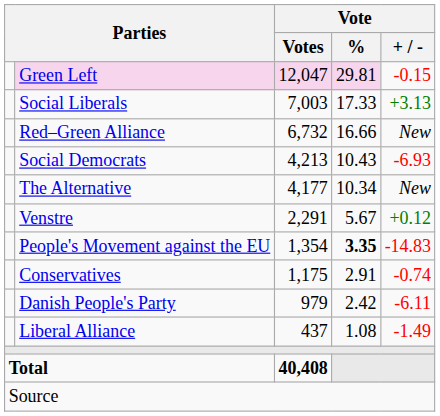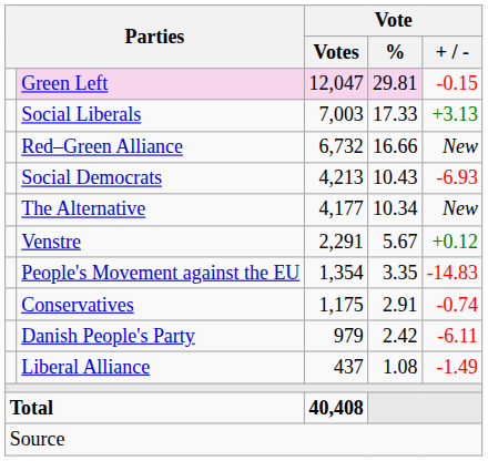 <table class="wikitable" style="text-align:right;">
 <tr>
 <th style="text-align:centre;" rowspan="2" colspan="2" width="225">Parties</th>
 <th colspan="3">Vote</th>
 </tr>
 <tr>
 <th width="15">Votes</th>
 <th width="15">%</th>
 <th width="15">+ / -</th>
 </tr>
 <tr>
 <td width="2" style="color:inherit;background:"></td>
 <td bgcolor=#f7d5ed   align="left"><a href='#'>Green Left</a></td>
 <td bgcolor=#f7d5ed>12,047</td>
 <td bgcolor=#f7d5ed>29.81</td>
 <td style=color:red;>-0.15</td>
 </tr>
 <tr>
 <td width="2" style="color:inherit;background:"></td>
 <td align="left"><a href='#'>Social Liberals</a></td>
 <td>7,003</td>
 <td>17.33</td>
 <td style=color:green;>+3.13</td>
 </tr>
 <tr>
 <td width="2" style="color:inherit;background:"></td>
 <td align="left"><a href='#'>Red–Green Alliance</a></td>
 <td>6,732</td>
 <td>16.66</td>
 <td><em>New</em></td>
 </tr>
 <tr>
 <td width="2" style="color:inherit;background:"></td>
 <td align="left"><a href='#'>Social Democrats</a></td>
 <td>4,213</td>
 <td>10.43</td>
 <td style=color:red;>-6.93</td>
 </tr>
 <tr>
 <td width="2" style="color:inherit;background:"></td>
 <td align="left"><a href='#'>The Alternative</a></td>
 <td>4,177</td>
 <td>10.34</td>
 <td><em>New</em></td>
 </tr>
 <tr>
 <td width="2" style="color:inherit;background:"></td>
 <td align="left"><a href='#'>Venstre</a></td>
 <td>2,291</td>
 <td>5.67</td>
 <td style=color:green;>+0.12</td>
 </tr>
 <tr>
 <td width="2" style="color:inherit;background:"></td>
 <td align="left"><a href='#'>People's Movement against the EU</a></td>
 <td>1,354</td>
-<td><strong>3.35</strong></td>
+<td>3.35</td>
 <td style=color:red;>-14.83</td>
 </tr>
 <tr>
 <td width="2" style="color:inherit;background:"></td>
 <td align="left"><a href='#'>Conservatives</a></td>
 <td>1,175</td>
 <td>2.91</td>
 <td style=color:red;>-0.74</td>
 </tr>
 <tr>
 <td width="2" style="color:inherit;background:"></td>
 <td align="left"><a href='#'>Danish People's Party</a></td>
 <td>979</td>
 <td>2.42</td>
 <td style=color:red;>-6.11</td>
 </tr>
 <tr>
 <td width="2" style="color:inherit;background:"></td>
 <td align="left"><a href='#'>Liberal Alliance</a></td>
 <td>437</td>
 <td>1.08</td>
 <td style=color:red;>-1.49</td>
 </tr>
 <tr>
 <td colspan="7" bgcolor="#E9E9E9"></td>
 </tr>
 <tr>
 <td align="left" colspan="2"><strong>Total</strong></td>
 <td><strong>40,408</strong></td>
 <td bgcolor="#E9E9E9" colspan="2"></td>
 </tr>
 <tr>
 <td align="left" colspan="6">Source</td>
 </tr>
 </table>
